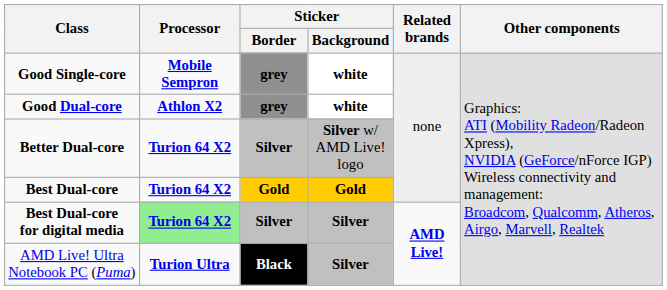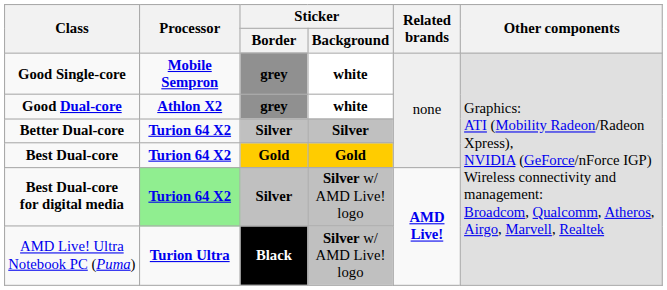 <table class="wikitable" style="font-size:85%;">
 <tr>
 <th rowspan="2" width=20%>Class</th>
 <th rowspan="2" width=15%>Processor</th>
 <th colspan="2">Sticker</th>
 <th rowspan="2" width=10%>Related brands</th>
 <th rowspan="2" width=30%>Other components</th>
 </tr>
 <tr>
 <th width=10%>Border</th>
 <th width=10%>Background</th>
 </tr>
 <tr>
 <td align="center"><strong>Good Single-core</strong></td>
 <td align="center"><strong><a href='#'>Mobile Sempron</a></strong></td>
 <td align="center" style="background:#909090;"><strong>grey</strong></td>
 <td align="center" style="background:#FFFFFF;color: black;"><strong>white</strong></td>
 <td align="center" rowspan="4" style="background:#efefef;">none</td>
 <td rowspan="6" style="background:#e0e0e0;">Graphics: <br><a href='#'>ATI</a> (<a href='#'>Mobility Radeon</a>/Radeon Xpress), <br><a href='#'>NVIDIA</a> (<a href='#'>GeForce</a>/nForce IGP)<br>Wireless connectivity and management:<br> <a href='#'>Broadcom</a>, <a href='#'>Qualcomm</a>, <a href='#'>Atheros</a>,<br><a href='#'>Airgo</a>, <a href='#'>Marvell</a>, <a href='#'>Realtek</a><br></td>
 </tr>
 <tr>
 <td align="center"><strong>Good <a href='#'>Dual-core</a></strong></td>
 <td align="center"><strong><a href='#'>Athlon X2</a></strong></td>
 <td align="center" style="background:#909090;"><strong>grey</strong></td>
 <td align="center" style="background:#FFFFFF;"><strong>white</strong></td>
 </tr>
 <tr>
 <td align="center"><strong>Better Dual-core</strong></td>
 <td align="center"><strong><a href='#'>Turion 64 X2</a></strong></td>
 <td align="center" style="background:#c0c0c0;"><strong>Silver</strong></td>
-<td align="center" style="background:#c0c0c0;"><strong>Silver</strong> w/ <br>AMD Live! logo</td>
+<td align="center" style="background:#c0c0c0;"><strong>Silver</strong></td>
 </tr>
 <tr>
 <td align="center"><strong>Best Dual-core</strong></td>
 <td align="center"><strong><a href='#'>Turion 64 X2</a></strong></td>
 <td align="center" style="background:#ffcc00;"><strong>Gold</strong></td>
 <td align="center" style="background:#ffcc00;"><strong>Gold</strong></td>
 </tr>
 <tr>
 <td align="center"><strong>Best Dual-core <br>for digital media</strong></td>
 <td align="center" style="background: lightgreen;"><strong><a href='#'>Turion 64 X2</a></strong></td>
 <td align="center" style="background:#c0c0c0;"><strong>Silver</strong></td>
-<td align="center" style="background:#c0c0c0;"><strong>Silver</strong></td>
+<td align="center" style="background:#c0c0c0;"><strong>Silver</strong> w/ <br>AMD Live! logo</td>
 <td align="center" rowspan="2"><strong><a href='#'>AMD Live!</a></strong></td>
 </tr>
 <tr>
 <td align="center"><a href='#'>AMD Live! Ultra Notebook PC</a> (<em><a href='#'>Puma</a></em>) </td>
 <td align="center"><strong><a href='#'>Turion Ultra</a></strong></td>
 <td align="center" style="background:#000000; color: white; link: #ffffff;"><strong>Black</strong></td>
-<td align="center" style="background:#c0c0c0;"><strong>Silver</strong></td>
+<td align="center" style="background:#c0c0c0;"><strong>Silver</strong> w/ <br>AMD Live! logo</td>
 </tr>
 </table>
